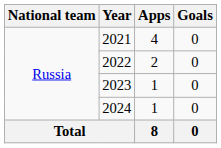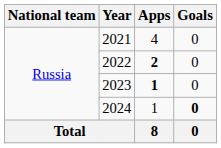 <table class=wikitable style=text-align:center>
 <tr>
 <th>National team</th>
 <th>Year</th>
 <th>Apps</th>
 <th>Goals</th>
 </tr>
 <tr>
 <td rowspan="4"><a href='#'>Russia</a></td>
 <td>2021</td>
 <td>4</td>
 <td>0</td>
 </tr>
 <tr>
 <td>2022</td>
-<td>2</td>
+<td><strong>2</strong></td>
 <td>0</td>
 </tr>
 <tr>
 <td>2023</td>
-<td>1</td>
+<td><strong>1</strong></td>
 <td>0</td>
 </tr>
 <tr>
 <td>2024</td>
 <td>1</td>
-<td>0</td>
+<td><strong>0</strong></td>
 </tr>
 <tr>
 <th colspan="2">Total</th>
 <th>8</th>
 <th>0</th>
 </tr>
 </table>
